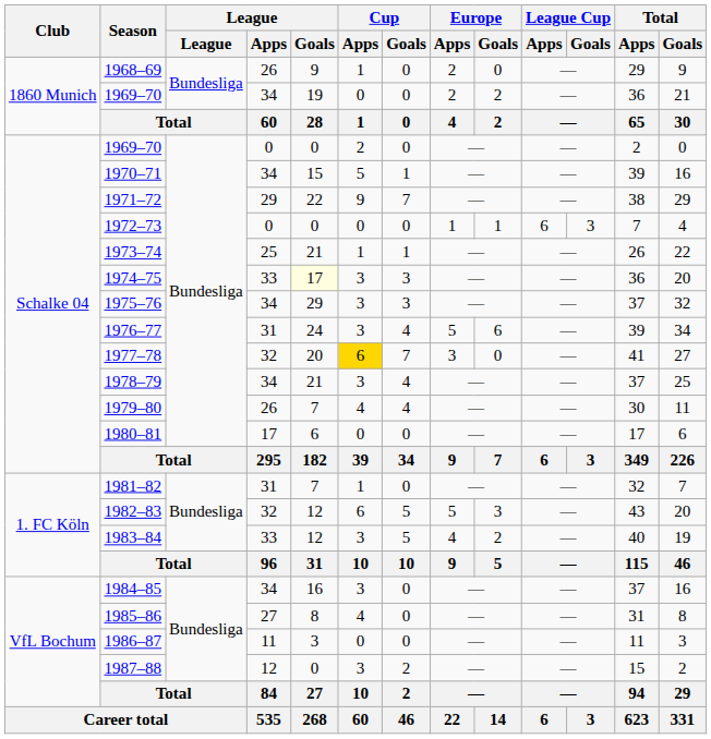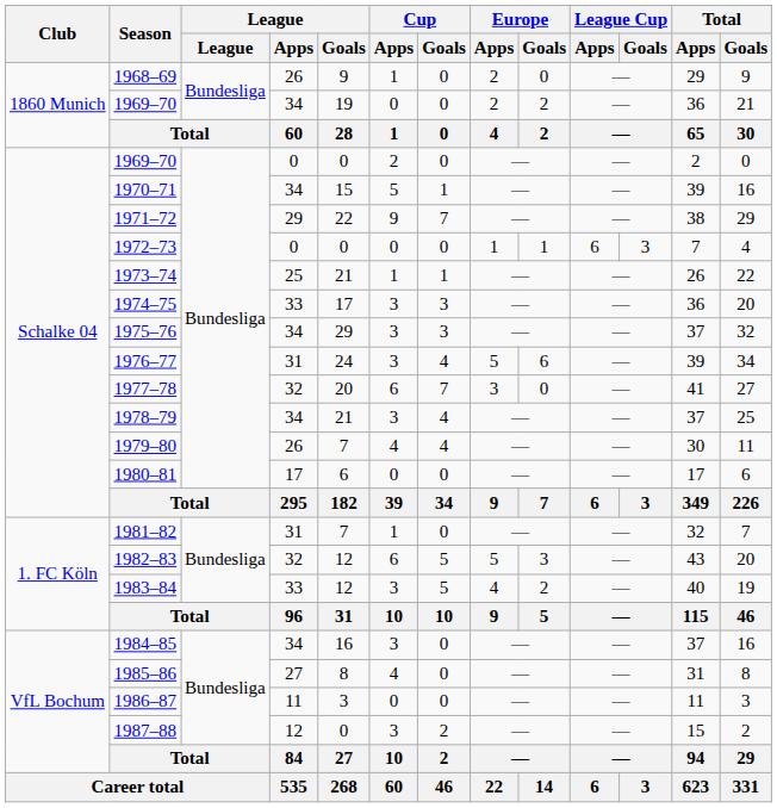 <table class="wikitable" style="text-align:center">
 <tr>
 <th rowspan="2">Club</th>
 <th rowspan="2">Season</th>
 <th colspan="3">League</th>
 <th colspan="2"><a href='#'>Cup</a></th>
 <th colspan="2"><a href='#'>Europe</a></th>
 <th colspan="2"><a href='#'>League Cup</a></th>
 <th colspan="2">Total</th>
 </tr>
 <tr>
 <th>League</th>
 <th>Apps</th>
 <th>Goals</th>
 <th>Apps</th>
 <th>Goals</th>
 <th>Apps</th>
 <th>Goals</th>
 <th>Apps</th>
 <th>Goals</th>
 <th>Apps</th>
 <th>Goals</th>
 </tr>
 <tr>
 <td rowspan="3"><a href='#'>1860 Munich</a></td>
 <td><a href='#'>1968–69</a></td>
 <td rowspan="2"><a href='#'>Bundesliga</a></td>
 <td>26</td>
 <td>9</td>
 <td>1</td>
 <td>0</td>
 <td>2</td>
 <td>0</td>
 <td colspan="2">—</td>
 <td>29</td>
 <td>9</td>
 </tr>
 <tr>
 <td><a href='#'>1969–70</a></td>
 <td>34</td>
 <td>19</td>
 <td>0</td>
 <td>0</td>
 <td>2</td>
 <td>2</td>
 <td colspan="2">—</td>
 <td>36</td>
 <td>21</td>
 </tr>
 <tr>
 <th colspan="2">Total</th>
 <th>60</th>
 <th>28</th>
 <th>1</th>
 <th>0</th>
 <th>4</th>
 <th>2</th>
 <th colspan="2">—</th>
 <th>65</th>
 <th>30</th>
 </tr>
 <tr>
 <td rowspan=13><a href='#'>Schalke 04</a></td>
 <td><a href='#'>1969–70</a></td>
 <td rowspan=12>Bundesliga</td>
 <td>0</td>
 <td>0</td>
 <td>2</td>
 <td>0</td>
 <td colspan="2">—</td>
 <td colspan="2">—</td>
 <td>2</td>
 <td>0</td>
 </tr>
 <tr>
 <td><a href='#'>1970–71</a></td>
 <td>34</td>
 <td>15</td>
 <td>5</td>
 <td>1</td>
 <td colspan="2">—</td>
 <td colspan="2">—</td>
 <td>39</td>
 <td>16</td>
 </tr>
 <tr>
 <td><a href='#'>1971–72</a></td>
 <td>29</td>
 <td>22</td>
 <td>9</td>
 <td>7</td>
 <td colspan="2">—</td>
 <td colspan="2">—</td>
 <td>38</td>
 <td>29</td>
 </tr>
 <tr>
 <td><a href='#'>1972–73</a></td>
 <td>0</td>
 <td>0</td>
 <td>0</td>
 <td>0</td>
 <td>1</td>
 <td>1</td>
 <td>6</td>
 <td>3</td>
 <td>7</td>
 <td>4</td>
 </tr>
 <tr>
 <td><a href='#'>1973–74</a></td>
 <td>25</td>
 <td>21</td>
 <td>1</td>
 <td>1</td>
 <td colspan="2">—</td>
 <td colspan="2">—</td>
 <td>26</td>
 <td>22</td>
 </tr>
 <tr>
 <td><a href='#'>1974–75</a></td>
 <td>33</td>
-<td style="background: lightyellow;">17</td>
+<td>17</td>
 <td>3</td>
 <td>3</td>
 <td colspan="2">—</td>
 <td colspan="2">—</td>
 <td>36</td>
 <td>20</td>
 </tr>
 <tr>
 <td><a href='#'>1975–76</a></td>
 <td>34</td>
 <td>29</td>
 <td>3</td>
 <td>3</td>
 <td colspan="2">—</td>
 <td colspan="2">—</td>
 <td>37</td>
 <td>32</td>
 </tr>
 <tr>
 <td><a href='#'>1976–77</a></td>
 <td>31</td>
 <td>24</td>
 <td>3</td>
 <td>4</td>
 <td>5</td>
 <td>6</td>
 <td colspan="2">—</td>
 <td>39</td>
 <td>34</td>
 </tr>
 <tr>
 <td><a href='#'>1977–78</a></td>
 <td>32</td>
 <td>20</td>
-<td style="background: gold;">6</td>
+<td>6</td>
 <td>7</td>
 <td>3</td>
 <td>0</td>
 <td colspan="2">—</td>
 <td>41</td>
 <td>27</td>
 </tr>
 <tr>
 <td><a href='#'>1978–79</a></td>
 <td>34</td>
 <td>21</td>
 <td>3</td>
 <td>4</td>
 <td colspan="2">—</td>
 <td colspan="2">—</td>
 <td>37</td>
 <td>25</td>
 </tr>
 <tr>
 <td><a href='#'>1979–80</a></td>
 <td>26</td>
 <td>7</td>
 <td>4</td>
 <td>4</td>
 <td colspan="2">—</td>
 <td colspan="2">—</td>
 <td>30</td>
 <td>11</td>
 </tr>
 <tr>
 <td><a href='#'>1980–81</a></td>
 <td>17</td>
 <td>6</td>
 <td>0</td>
 <td>0</td>
 <td colspan="2">—</td>
 <td colspan="2">—</td>
 <td>17</td>
 <td>6</td>
 </tr>
 <tr>
 <th colspan="2">Total</th>
 <th>295</th>
 <th>182</th>
 <th>39</th>
 <th>34</th>
 <th>9</th>
 <th>7</th>
 <th>6</th>
 <th>3</th>
 <th>349</th>
 <th>226</th>
 </tr>
 <tr>
 <td rowspan="4"><a href='#'>1. FC Köln</a></td>
 <td><a href='#'>1981–82</a></td>
 <td rowspan="3">Bundesliga</td>
 <td>31</td>
 <td>7</td>
 <td>1</td>
 <td>0</td>
 <td colspan="2">—</td>
 <td colspan="2">—</td>
 <td>32</td>
 <td>7</td>
 </tr>
 <tr>
 <td><a href='#'>1982–83</a></td>
 <td>32</td>
 <td>12</td>
 <td>6</td>
 <td>5</td>
 <td>5</td>
 <td>3</td>
 <td colspan="2">—</td>
 <td>43</td>
 <td>20</td>
 </tr>
 <tr>
 <td><a href='#'>1983–84</a></td>
 <td>33</td>
 <td>12</td>
 <td>3</td>
 <td>5</td>
 <td>4</td>
 <td>2</td>
 <td colspan="2">—</td>
 <td>40</td>
 <td>19</td>
 </tr>
 <tr>
 <th colspan="2">Total</th>
 <th>96</th>
 <th>31</th>
 <th>10</th>
 <th>10</th>
 <th>9</th>
 <th>5</th>
 <th colspan="2">—</th>
 <th>115</th>
 <th>46</th>
 </tr>
 <tr>
 <td rowspan="5"><a href='#'>VfL Bochum</a></td>
 <td><a href='#'>1984–85</a></td>
 <td rowspan="4">Bundesliga</td>
 <td>34</td>
 <td>16</td>
 <td>3</td>
 <td>0</td>
 <td colspan="2">—</td>
 <td colspan="2">—</td>
 <td>37</td>
 <td>16</td>
 </tr>
 <tr>
 <td><a href='#'>1985–86</a></td>
 <td>27</td>
 <td>8</td>
 <td>4</td>
 <td>0</td>
 <td colspan="2">—</td>
 <td colspan="2">—</td>
 <td>31</td>
 <td>8</td>
 </tr>
 <tr>
 <td><a href='#'>1986–87</a></td>
 <td>11</td>
 <td>3</td>
 <td>0</td>
 <td>0</td>
 <td colspan="2">—</td>
 <td colspan="2">—</td>
 <td>11</td>
 <td>3</td>
 </tr>
 <tr>
 <td><a href='#'>1987–88</a></td>
 <td>12</td>
 <td>0</td>
 <td>3</td>
 <td>2</td>
 <td colspan="2">—</td>
 <td colspan="2">—</td>
 <td>15</td>
 <td>2</td>
 </tr>
 <tr>
 <th colspan="2">Total</th>
 <th>84</th>
 <th>27</th>
 <th>10</th>
 <th>2</th>
 <th colspan="2">—</th>
 <th colspan="2">—</th>
 <th>94</th>
 <th>29</th>
 </tr>
 <tr>
 <th colspan="3">Career total</th>
 <th>535</th>
 <th>268</th>
 <th>60</th>
 <th>46</th>
 <th>22</th>
 <th>14</th>
 <th>6</th>
 <th>3</th>
 <th>623</th>
 <th>331</th>
 </tr>
 </table>
